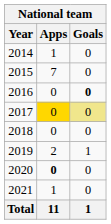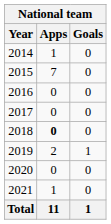 <table class="wikitable" style="text-align:center">
 <tr>
 <th colspan=3>National team</th>
 </tr>
 <tr>
 <th>Year</th>
 <th>Apps</th>
 <th>Goals</th>
 </tr>
 <tr>
 <td>2014</td>
 <td>1</td>
 <td>0</td>
 </tr>
 <tr>
 <td>2015</td>
 <td>7</td>
 <td>0</td>
 </tr>
 <tr>
 <td>2016</td>
 <td>0</td>
-<td><strong>0</strong></td>
+<td>0</td>
 </tr>
 <tr>
 <td>2017</td>
-<td style="background: gold;">0</td>
-<td style="background: khaki;">0</td>
+<td>0</td>
+<td>0</td>
 </tr>
 <tr>
 <td>2018</td>
-<td>0</td>
+<td><strong>0</strong></td>
 <td>0</td>
 </tr>
 <tr>
 <td>2019</td>
 <td>2</td>
 <td>1</td>
 </tr>
 <tr>
 <td>2020</td>
-<td><strong>0</strong></td>
+<td>0</td>
 <td>0</td>
 </tr>
 <tr>
 <td>2021</td>
 <td>1</td>
 <td>0</td>
 </tr>
 <tr>
 <th>Total</th>
 <th>11</th>
 <th>1</th>
 </tr>
 </table>
